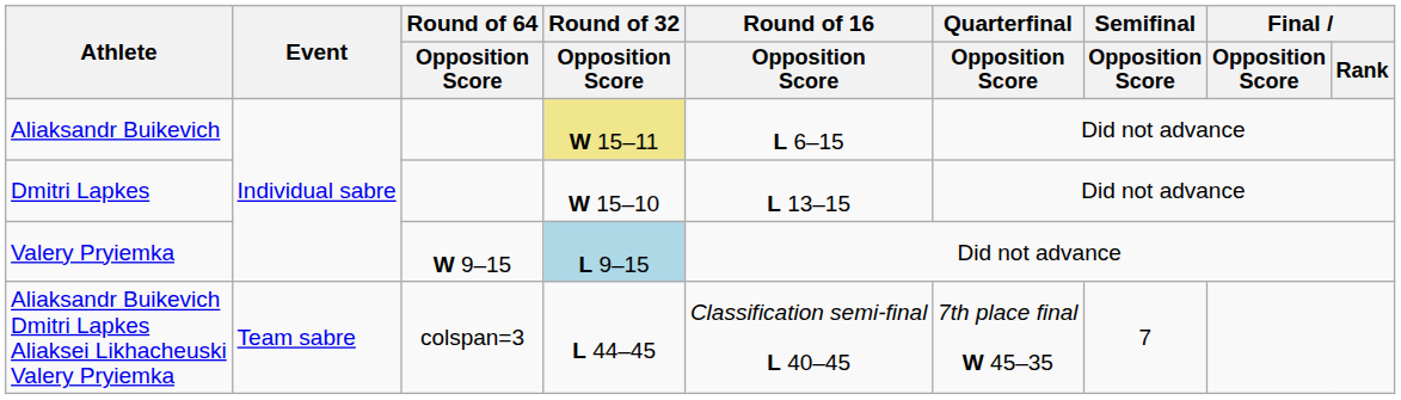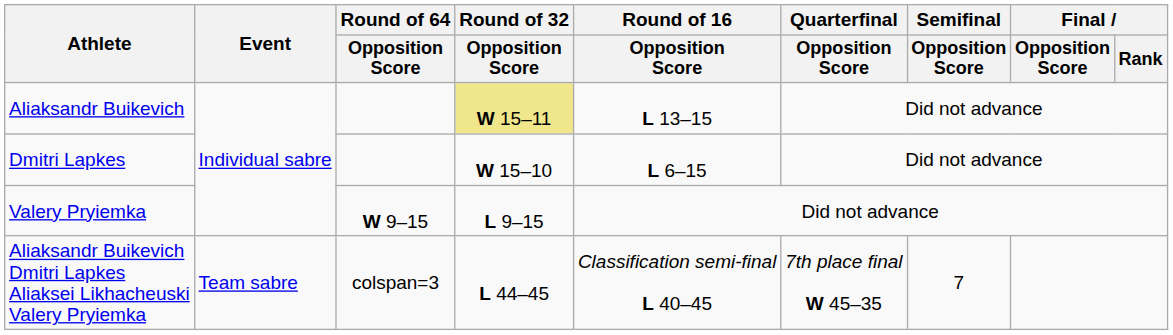 <table class="wikitable" style="font-size:90%">
 <tr>
 <th rowspan="2">Athlete</th>
 <th rowspan="2">Event</th>
 <th>Round of 64</th>
 <th>Round of 32</th>
 <th>Round of 16</th>
 <th>Quarterfinal</th>
 <th>Semifinal</th>
 <th colspan=2>Final / </th>
 </tr>
 <tr style="font-size:95%">
 <th>Opposition <br> Score</th>
 <th>Opposition <br> Score</th>
 <th>Opposition <br> Score</th>
 <th>Opposition <br> Score</th>
 <th>Opposition <br> Score</th>
 <th>Opposition <br> Score</th>
 <th>Rank</th>
 </tr>
 <tr align=center>
 <td align=left><a href='#'>Aliaksandr Buikevich</a></td>
 <td align=left rowspan=3><a href='#'>Individual sabre</a></td>
 <td></td>
 <td style="background: khaki;"><br><strong>W</strong> 15–11</td>
-<td><br><strong>L</strong> 6–15</td>
+<td><br><strong>L</strong> 13–15</td>
 <td colspan=4>Did not advance</td>
 </tr>
 <tr align=center>
 <td align=left><a href='#'>Dmitri Lapkes</a></td>
 <td></td>
 <td><br><strong>W</strong> 15–10</td>
-<td><br><strong>L</strong> 13–15</td>
+<td><br><strong>L</strong> 6–15</td>
 <td colspan=4>Did not advance</td>
 </tr>
 <tr align=center>
 <td align=left><a href='#'>Valery Pryiemka</a></td>
 <td><br><strong>W</strong> 9–15</td>
-<td style="background: lightblue;"><br><strong>L</strong> 9–15</td>
+<td><br><strong>L</strong> 9–15</td>
 <td colspan=5>Did not advance</td>
 </tr>
 <tr align=center>
 <td align=left><a href='#'>Aliaksandr Buikevich</a><br><a href='#'>Dmitri Lapkes</a><br><a href='#'>Aliaksei Likhacheuski</a><br><a href='#'>Valery Pryiemka</a></td>
 <td align=left><a href='#'>Team sabre</a></td>
 <td>colspan=3 </td>
 <td> <br><strong>L</strong> 44–45</td>
 <td><em>Classification semi-final</em><br> <br><strong>L</strong> 40–45</td>
 <td><em>7th place final</em><br> <br><strong>W</strong> 45–35</td>
 <td>7</td>
 </tr>
 </table>
